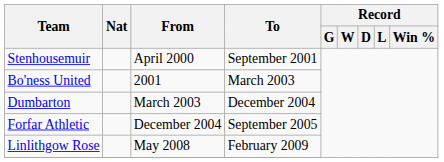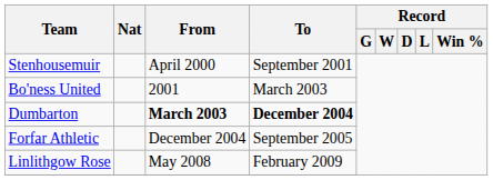 <table class="wikitable" style="text-align: center">
 <tr>
 <th rowspan="2">Team</th>
 <th rowspan="2">Nat</th>
 <th rowspan="2">From</th>
 <th rowspan="2">To</th>
 <th colspan="5">Record</th>
 </tr>
 <tr>
 <th>G</th>
 <th>W</th>
 <th>D</th>
 <th>L</th>
 <th>Win %</th>
 </tr>
 <tr>
 <td align=left><a href='#'>Stenhousemuir</a></td>
 <td></td>
 <td align=left>April 2000</td>
 <td align=left>September 2001<br></td>
 </tr>
 <tr>
 <td align=left><a href='#'>Bo'ness United</a></td>
 <td></td>
 <td align=left>2001</td>
 <td align=left>March 2003<br></td>
 </tr>
 <tr>
 <td align=left><a href='#'>Dumbarton</a></td>
 <td></td>
-<td align=left>March 2003</td>
-<td align=left>December 2004<br></td>
+<td align=left><strong>March 2003</strong></td>
+<td align=left><strong>December 2004<br></strong></td>
 </tr>
 <tr>
 <td align=left><a href='#'>Forfar Athletic</a></td>
 <td></td>
 <td align=left>December 2004</td>
 <td align=left>September 2005<br></td>
 </tr>
 <tr>
 <td align=left><a href='#'>Linlithgow Rose</a></td>
 <td></td>
 <td align=left>May 2008</td>
 <td align=left>February 2009<br></td>
 </tr>
 <tr>
 </tr>
 </table>
